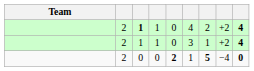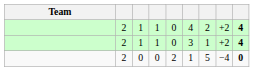 <table class="wikitable" style="text-align: center;">
 <tr>
 <th width="175">Team</th>
 <th width="20"></th>
 <th width="20"></th>
 <th width="20"></th>
 <th width="20"></th>
 <th width="20"></th>
 <th width="20"></th>
 <th width="20"></th>
 <th width="20"></th>
 </tr>
 <tr bgcolor=ccffcc>
 <td style="text-align:left;"></td>
 <td>2</td>
-<td><strong>1</strong></td>
+<td>1</td>
 <td>1</td>
 <td>0</td>
 <td>4</td>
 <td>2</td>
 <td>+2</td>
 <td><strong>4</strong></td>
 </tr>
 <tr bgcolor=ccffcc>
 <td style="text-align:left;"></td>
 <td>2</td>
 <td>1</td>
 <td>1</td>
 <td>0</td>
 <td>3</td>
 <td>1</td>
 <td>+2</td>
 <td><strong>4</strong></td>
 </tr>
 <tr>
 <td style="text-align:left;"></td>
 <td>2</td>
 <td>0</td>
 <td>0</td>
-<td><strong>2</strong></td>
+<td>2</td>
 <td>1</td>
-<td><strong>5</strong></td>
+<td>5</td>
 <td>−4</td>
 <td><strong>0</strong></td>
 </tr>
 </table>
